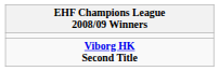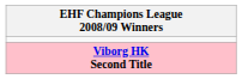 <table class="wikitable" style="text-align: center; margin: 0 auto; width: 20%">
 <tr>
 <th>EHF Champions League <br>2008/09 Winners</th>
 </tr>
 <tr>
 <td></td>
 </tr>
 <tr>
-<td><strong><a href='#'>Viborg HK</a></strong><br><strong>Second Title</strong></td>
+<td style="background: pink;"><strong><a href='#'>Viborg HK</a></strong><br><strong>Second Title</strong></td>
 </tr>
 </table>
